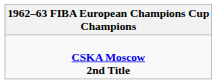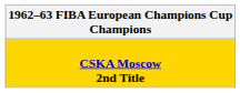 <table class=wikitable style="text-align:center; margin:auto">
 <tr>
 <th>1962–63 FIBA European Champions Cup<br>Champions</th>
 </tr>
 <tr>
-<td> <br> <strong><a href='#'>CSKA Moscow</a></strong> <br> <strong>2nd Title</strong></td>
+<td style="background: gold;"> <br> <strong><a href='#'>CSKA Moscow</a></strong> <br> <strong>2nd Title</strong></td>
 </tr>
 </table>
